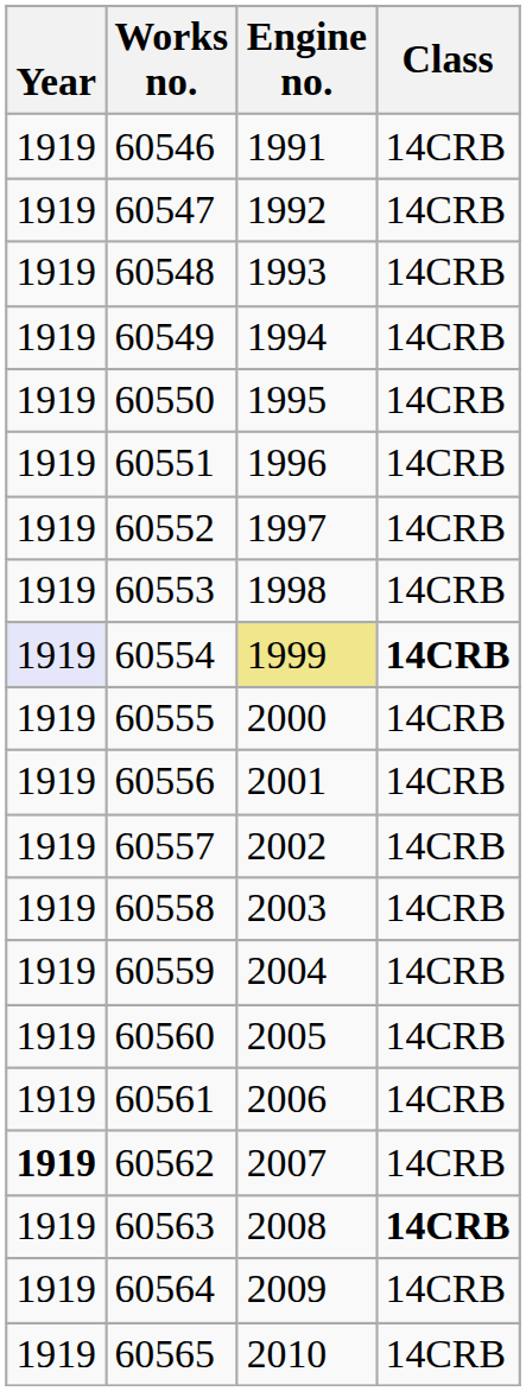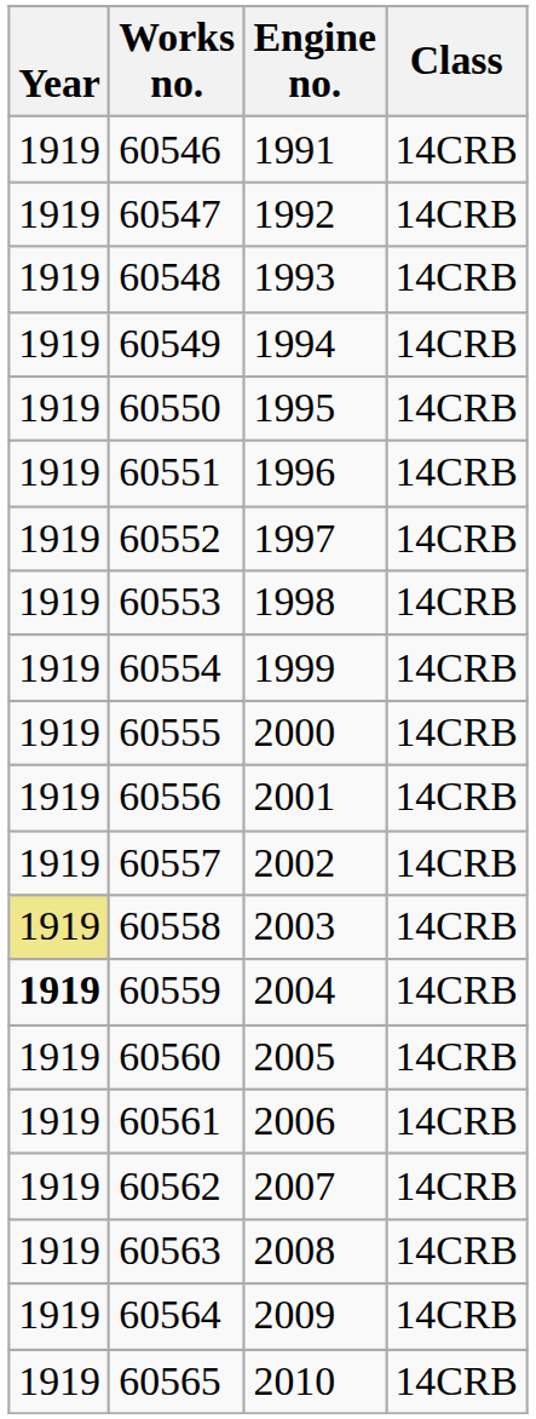 <table class="wikitable collapsible collapsed sortable" style="margin:0.5em auto; font-size:100%;">
 <tr>
 <th><br>Year</th>
 <th>Works<br>no.</th>
 <th>Engine<br>no.</th>
 <th>Class<br></th>
 </tr>
 <tr>
 <td>1919</td>
 <td>60546</td>
 <td>1991</td>
 <td>14CRB</td>
 </tr>
 <tr>
 <td>1919</td>
 <td>60547</td>
 <td>1992</td>
 <td>14CRB</td>
 </tr>
 <tr>
 <td>1919</td>
 <td>60548</td>
 <td>1993</td>
 <td>14CRB</td>
 </tr>
 <tr>
 <td>1919</td>
 <td>60549</td>
 <td>1994</td>
 <td>14CRB</td>
 </tr>
 <tr>
 <td>1919</td>
 <td>60550</td>
 <td>1995</td>
 <td>14CRB</td>
 </tr>
 <tr>
 <td>1919</td>
 <td>60551</td>
 <td>1996</td>
 <td>14CRB</td>
 </tr>
 <tr>
 <td>1919</td>
 <td>60552</td>
 <td>1997</td>
 <td>14CRB</td>
 </tr>
 <tr>
 <td>1919</td>
 <td>60553</td>
 <td>1998</td>
 <td>14CRB</td>
 </tr>
 <tr>
-<td style="background: lavender;">1919</td>
+<td>1919</td>
 <td>60554</td>
-<td style="background: khaki;">1999</td>
-<td><strong>14CRB</strong></td>
+<td>1999</td>
+<td>14CRB</td>
 </tr>
 <tr>
 <td>1919</td>
 <td>60555</td>
 <td>2000</td>
 <td>14CRB</td>
 </tr>
 <tr>
 <td>1919</td>
 <td>60556</td>
 <td>2001</td>
 <td>14CRB</td>
 </tr>
 <tr>
 <td>1919</td>
 <td>60557</td>
 <td>2002</td>
 <td>14CRB</td>
 </tr>
 <tr>
-<td>1919</td>
+<td style="background: khaki;">1919</td>
 <td>60558</td>
 <td>2003</td>
 <td>14CRB</td>
 </tr>
 <tr>
-<td>1919</td>
+<td><strong>1919</strong></td>
 <td>60559</td>
 <td>2004</td>
 <td>14CRB</td>
 </tr>
 <tr>
 <td>1919</td>
 <td>60560</td>
 <td>2005</td>
 <td>14CRB</td>
 </tr>
 <tr>
 <td>1919</td>
 <td>60561</td>
 <td>2006</td>
 <td>14CRB</td>
 </tr>
 <tr>
-<td><strong>1919</strong></td>
+<td>1919</td>
 <td>60562</td>
 <td>2007</td>
 <td>14CRB</td>
 </tr>
 <tr>
 <td>1919</td>
 <td>60563</td>
 <td>2008</td>
-<td><strong>14CRB</strong></td>
+<td>14CRB</td>
 </tr>
 <tr>
 <td>1919</td>
 <td>60564</td>
 <td>2009</td>
 <td>14CRB</td>
 </tr>
 <tr>
 <td>1919</td>
 <td>60565</td>
 <td>2010</td>
 <td>14CRB</td>
 </tr>
 <tr>
 </tr>
 </table>
